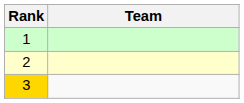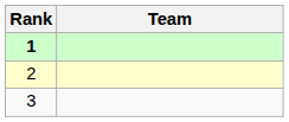 <table class="wikitable" style="text-align: center;">
 <tr>
 <th width=40>Rank</th>
 <th width=200>Team</th>
 </tr>
 <tr bgcolor=#ccffcc>
-<td>1</td>
+<td><strong>1</strong></td>
 <td align=left></td>
 </tr>
 <tr bgcolor=#ffffcc>
 <td>2</td>
 <td align=left></td>
 </tr>
 <tr>
-<td style="background: gold;">3</td>
+<td>3</td>
 <td align=left></td>
 </tr>
 </table>
